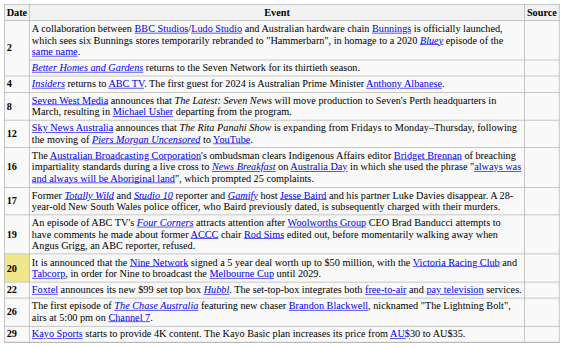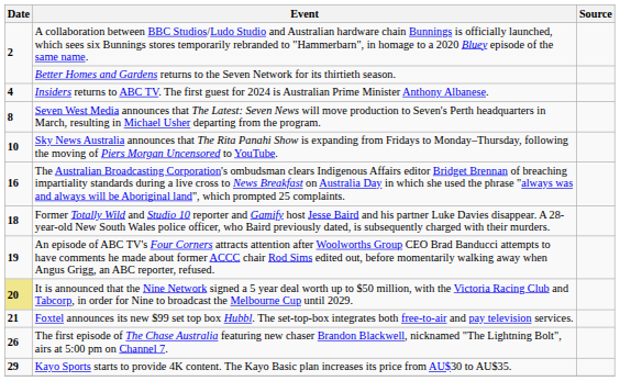 <table class="wikitable">
 <tr>
 <th>Date</th>
 <th>Event</th>
 <th>Source</th>
 </tr>
 <tr>
 <td rowspan=2><strong>2</strong></td>
 <td>A collaboration between <a href='#'>BBC Studios</a>/<a href='#'>Ludo Studio</a> and Australian hardware chain <a href='#'>Bunnings</a> is officially launched, which sees six Bunnings stores temporarily rebranded to "Hammerbarn", in homage to a 2020 <em><a href='#'>Bluey</a></em> episode of the <a href='#'>same name</a>.</td>
 <td></td>
 </tr>
 <tr>
 <td><em><a href='#'>Better Homes and Gardens</a></em> returns to the Seven Network for its thirtieth season.</td>
 <td></td>
 </tr>
 <tr>
 <td><strong>4</strong></td>
 <td><em><a href='#'>Insiders</a></em> returns to <a href='#'>ABC TV</a>. The first guest for 2024 is Australian Prime Minister <a href='#'>Anthony Albanese</a>.</td>
 <td></td>
 </tr>
 <tr>
 <td><strong>8</strong></td>
 <td><a href='#'>Seven West Media</a> announces that <em>The Latest: Seven News</em> will move production to Seven's Perth headquarters in March, resulting in <a href='#'>Michael Usher</a> departing from the program.</td>
 <td></td>
 </tr>
 <tr>
-<td><strong>12</strong></td>
+<td><strong>10</strong></td>
 <td><a href='#'>Sky News Australia</a> announces that <em>The Rita Panahi Show</em> is expanding from Fridays to Monday–Thursday, following the moving of <em><a href='#'>Piers Morgan Uncensored</a></em> to <a href='#'>YouTube</a>.</td>
 <td></td>
 </tr>
 <tr>
 <td><strong>16</strong></td>
 <td>The <a href='#'>Australian Broadcasting Corporation</a>'s ombudsman clears Indigenous Affairs editor <a href='#'>Bridget Brennan</a> of breaching impartiality standards during a live cross to <em><a href='#'>News Breakfast</a></em> on <a href='#'>Australia Day</a> in which she used the phrase "<a href='#'>always was and always will be Aboriginal land</a>", which prompted 25 complaints.</td>
 <td></td>
 </tr>
 <tr>
-<td><strong>17</strong></td>
+<td><strong>18</strong></td>
 <td>Former <em><a href='#'>Totally Wild</a></em> and <em><a href='#'>Studio 10</a></em> reporter and <em><a href='#'>Gamify</a></em> host <a href='#'>Jesse Baird</a> and his partner Luke Davies disappear. A 28-year-old New South Wales police officer, who Baird previously dated, is subsequently charged with their murders.</td>
 <td></td>
 </tr>
 <tr>
 <td><strong>19</strong></td>
 <td>An episode of ABC TV's <em><a href='#'>Four Corners</a></em> attracts attention after <a href='#'>Woolworths Group</a> CEO Brad Banducci attempts to have comments he made about former <a href='#'>ACCC</a> chair <a href='#'>Rod Sims</a> edited out, before momentarily walking away when Angus Grigg, an ABC reporter, refused.</td>
 <td></td>
 </tr>
 <tr>
 <td style="background: khaki;"><strong>20</strong></td>
 <td>It is announced that the <a href='#'>Nine Network</a> signed a 5 year deal worth up to $50 million, with the <a href='#'>Victoria Racing Club</a> and <a href='#'>Tabcorp</a>, in order for Nine to broadcast the <a href='#'>Melbourne Cup</a> until 2029.</td>
 <td></td>
 </tr>
 <tr>
-<td><strong>22</strong></td>
+<td><strong>21</strong></td>
 <td><a href='#'>Foxtel</a> announces its new $99 set top box <em><a href='#'>Hubbl</a></em>. The set-top-box integrates both <a href='#'>free-to-air</a> and <a href='#'>pay television</a> services.</td>
 <td></td>
 </tr>
 <tr>
 <td><strong>26</strong></td>
 <td>The first episode of <em><a href='#'>The Chase Australia</a></em> featuring new chaser <a href='#'>Brandon Blackwell</a>, nicknamed "The Lightning Bolt", airs at 5:00 pm on <a href='#'>Channel 7</a>.</td>
 <td></td>
 </tr>
 <tr>
 <td><strong>29</strong></td>
 <td><a href='#'>Kayo Sports</a> starts to provide 4K content. The Kayo Basic plan increases its price from <a href='#'>AU$</a>30 to AU$35.</td>
 <td></td>
 </tr>
 <tr>
 </tr>
 </table>
